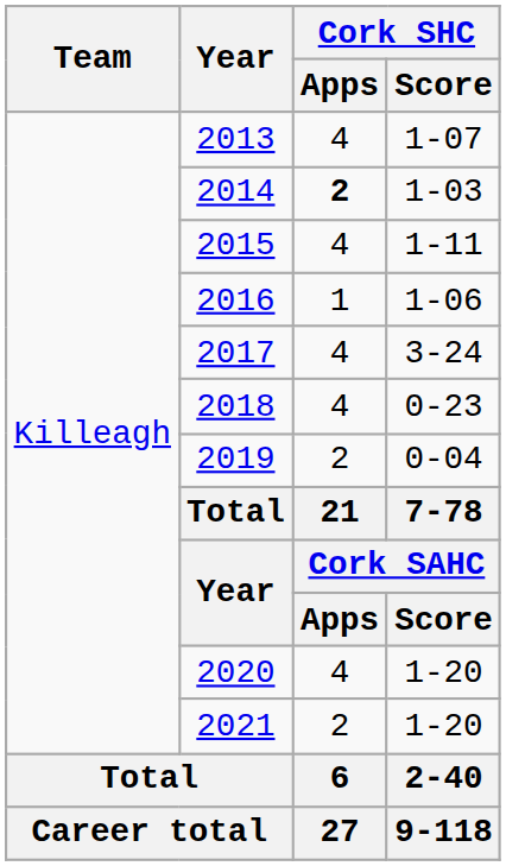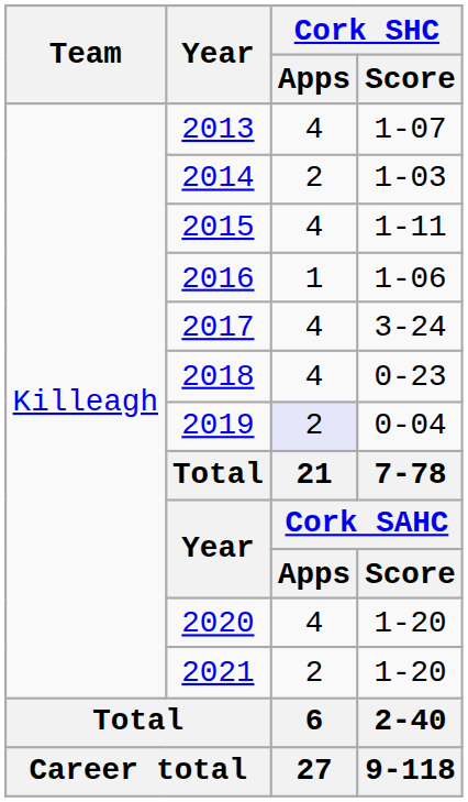 <table class="wikitable" style="text-align:center">
 <tr>
 <th rowspan="2">Team</th>
 <th rowspan="2">Year</th>
 <th colspan="2"><a href='#'>Cork SHC</a></th>
 </tr>
 <tr>
 <th>Apps</th>
 <th>Score</th>
 </tr>
 <tr>
 <td rowspan="12"><a href='#'>Killeagh</a></td>
 <td><a href='#'>2013</a></td>
 <td>4</td>
 <td>1-07</td>
 </tr>
 <tr>
 <td><a href='#'>2014</a></td>
-<td><strong>2</strong></td>
+<td>2</td>
 <td>1-03</td>
 </tr>
 <tr>
 <td><a href='#'>2015</a></td>
 <td>4</td>
 <td>1-11</td>
 </tr>
 <tr>
 <td><a href='#'>2016</a></td>
 <td>1</td>
 <td>1-06</td>
 </tr>
 <tr>
 <td><a href='#'>2017</a></td>
 <td>4</td>
 <td>3-24</td>
 </tr>
 <tr>
 <td><a href='#'>2018</a></td>
 <td>4</td>
 <td>0-23</td>
 </tr>
 <tr>
 <td><a href='#'>2019</a></td>
-<td>2</td>
+<td style="background: lavender;">2</td>
 <td>0-04</td>
 </tr>
 <tr>
 <th>Total</th>
 <th>21</th>
 <th>7-78</th>
 </tr>
 <tr>
 <th rowspan=2>Year</th>
 <th colspan=2><a href='#'>Cork SAHC</a></th>
 </tr>
 <tr>
 <th>Apps</th>
 <th>Score</th>
 </tr>
 <tr>
 <td><a href='#'>2020</a></td>
 <td>4</td>
 <td>1-20</td>
 </tr>
 <tr>
 <td><a href='#'>2021</a></td>
 <td>2</td>
 <td>1-20</td>
 </tr>
 <tr>
 <th colspan="2">Total</th>
 <th>6</th>
 <th>2-40</th>
 </tr>
 <tr>
 <th colspan="2">Career total</th>
 <th>27</th>
 <th>9-118</th>
 </tr>
 </table>
